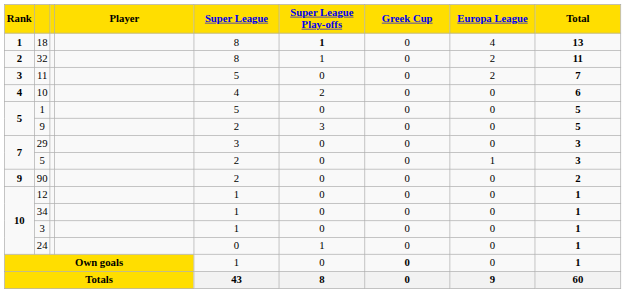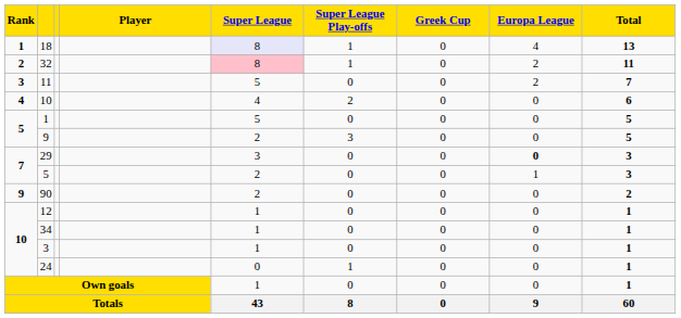 <table class="wikitable sortable" style="text-align: center">
 <tr>
 <th style="background:#FFDE00">Rank</th>
 <th style="background:#FFDE00"></th>
 <th style="background:#FFDE00"></th>
 <th width=200 style="background:#FFDE00">Player</th>
 <th width=120 style="background:#FFDE00"><a href='#'>Super League</a></th>
 <th width=120 style="background:#FFDE00"><a href='#'>Super League Play-offs</a></th>
 <th width=120 style="background:#FFDE00"><a href='#'>Greek Cup</a></th>
 <th width=120 style="background:#FFDE00"><a href='#'>Europa League</a></th>
 <th width=120 style="background:#FFDE00">Total</th>
 </tr>
 <tr>
 <td><strong>1</strong></td>
 <td>18</td>
 <td></td>
 <td align=left></td>
-<td>8</td>
-<td><strong>1</strong></td>
+<td style="background: lavender;">8</td>
+<td>1</td>
 <td>0</td>
 <td>4</td>
 <td><strong>13</strong></td>
 </tr>
 <tr>
 <td><strong>2</strong></td>
 <td>32</td>
 <td></td>
 <td align=left></td>
-<td>8</td>
+<td style="background: pink;">8</td>
 <td>1</td>
 <td>0</td>
 <td>2</td>
 <td><strong>11</strong></td>
 </tr>
 <tr>
 <td><strong>3</strong></td>
 <td>11</td>
 <td></td>
 <td align=left></td>
 <td>5</td>
 <td>0</td>
 <td>0</td>
 <td>2</td>
 <td><strong>7</strong></td>
 </tr>
 <tr>
 <td><strong>4</strong></td>
 <td>10</td>
 <td></td>
 <td align=left></td>
 <td>4</td>
 <td>2</td>
 <td>0</td>
 <td>0</td>
 <td><strong>6</strong></td>
 </tr>
 <tr>
 <td rowspan=2><strong>5</strong></td>
 <td>1</td>
 <td></td>
 <td align=left></td>
 <td>5</td>
 <td>0</td>
 <td>0</td>
 <td>0</td>
 <td><strong>5</strong></td>
 </tr>
 <tr>
 <td>9</td>
 <td></td>
 <td align=left></td>
 <td>2</td>
 <td>3</td>
 <td>0</td>
 <td>0</td>
 <td><strong>5</strong></td>
 </tr>
 <tr>
 <td rowspan=2><strong>7</strong></td>
 <td>29</td>
 <td></td>
 <td align=left></td>
 <td>3</td>
 <td>0</td>
 <td>0</td>
-<td>0</td>
+<td><strong>0</strong></td>
 <td><strong>3</strong></td>
 </tr>
 <tr>
 <td>5</td>
 <td></td>
 <td align=left></td>
 <td>2</td>
 <td>0</td>
 <td>0</td>
 <td>1</td>
 <td><strong>3</strong></td>
 </tr>
 <tr>
 <td><strong>9</strong></td>
 <td>90</td>
 <td></td>
 <td align=left></td>
 <td>2</td>
 <td>0</td>
 <td>0</td>
 <td>0</td>
 <td><strong>2</strong></td>
 </tr>
 <tr>
 <td rowspan=4><strong>10</strong></td>
 <td>12</td>
 <td></td>
 <td align=left></td>
 <td>1</td>
 <td>0</td>
 <td>0</td>
 <td>0</td>
 <td><strong>1</strong></td>
 </tr>
 <tr>
 <td>34</td>
 <td></td>
 <td align=left></td>
 <td>1</td>
 <td>0</td>
 <td>0</td>
 <td>0</td>
 <td><strong>1</strong></td>
 </tr>
 <tr>
 <td>3</td>
 <td></td>
 <td align=left></td>
 <td>1</td>
 <td>0</td>
 <td>0</td>
 <td>0</td>
 <td><strong>1</strong></td>
 </tr>
 <tr>
 <td>24</td>
 <td></td>
 <td align=left></td>
 <td>0</td>
 <td>1</td>
 <td>0</td>
 <td>0</td>
 <td><strong>1</strong></td>
 </tr>
 <tr class="sortbottom">
 <td colspan=4 style="background:#FFDE00"><strong>Own goals</strong></td>
 <td>1</td>
 <td>0</td>
-<td><strong>0</strong></td>
+<td>0</td>
 <td>0</td>
 <td><strong>1</strong></td>
 </tr>
 <tr class="sortbottom">
 <th colspan=4 style="background:#FFDE00"><strong>Totals</strong></th>
 <th><strong>43</strong></th>
 <th><strong> 8</strong></th>
 <th><strong> 0</strong></th>
 <th><strong> 9</strong></th>
 <th><strong>60</strong></th>
 </tr>
 </table>
